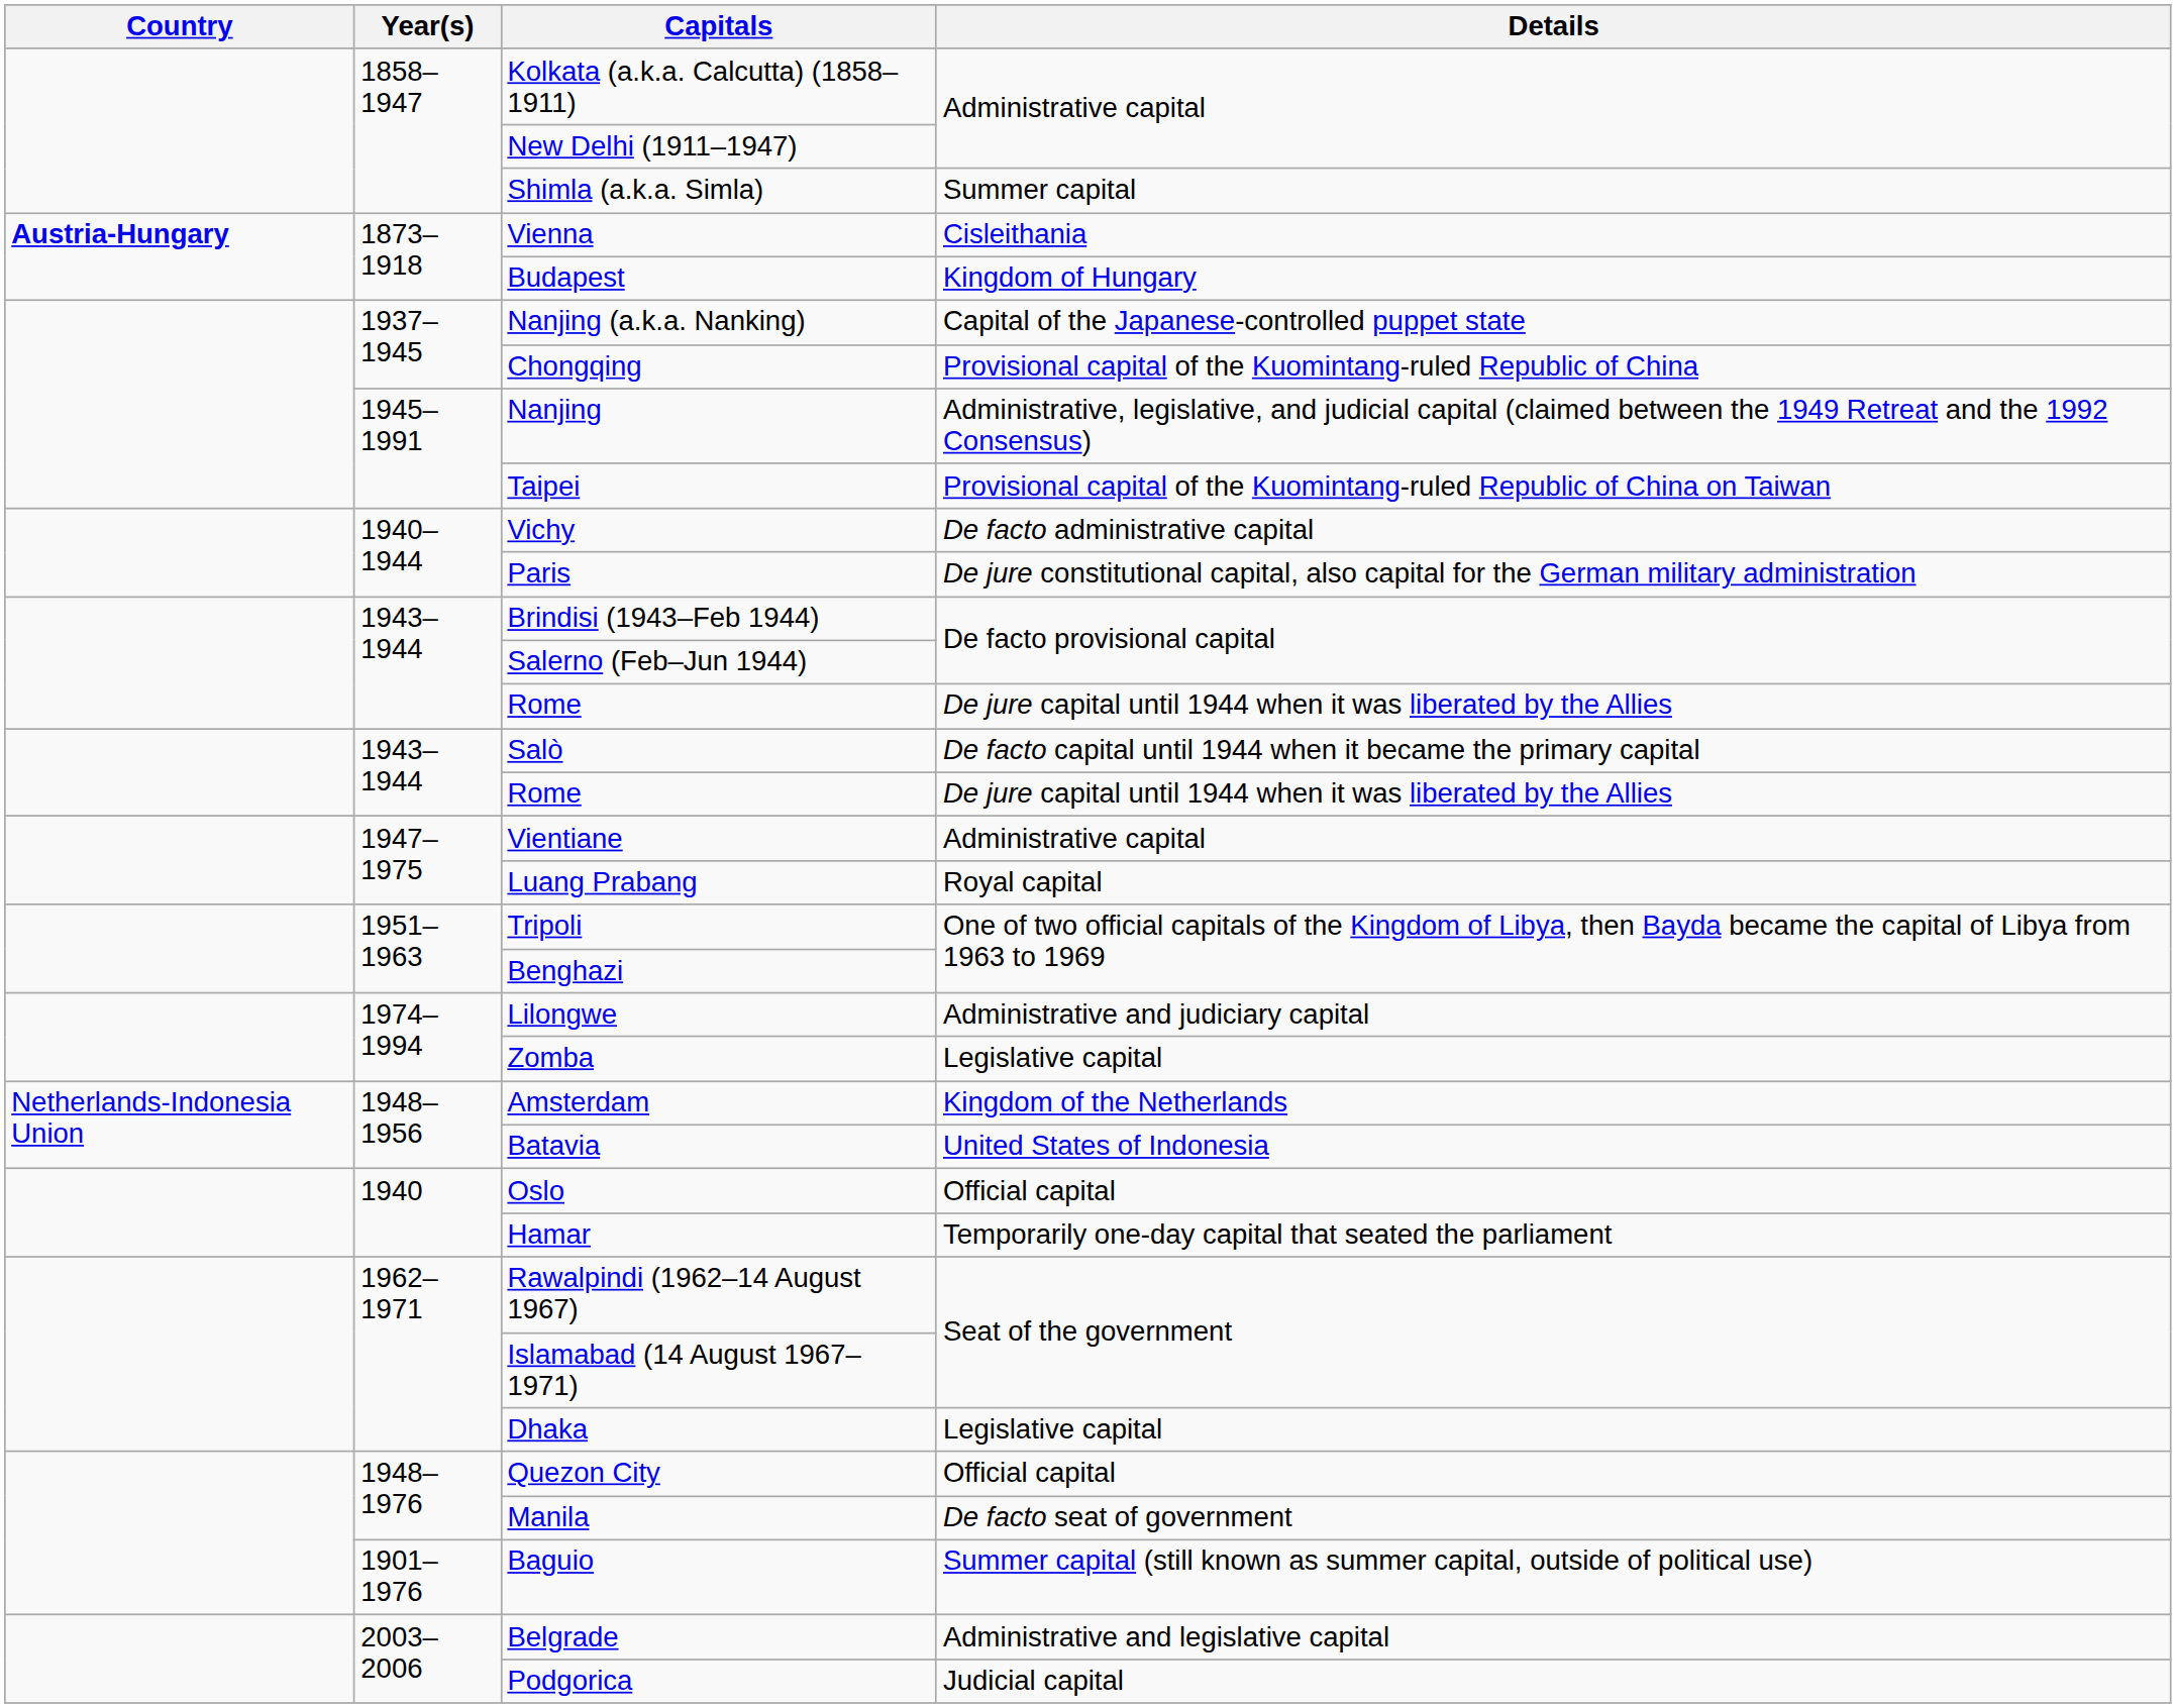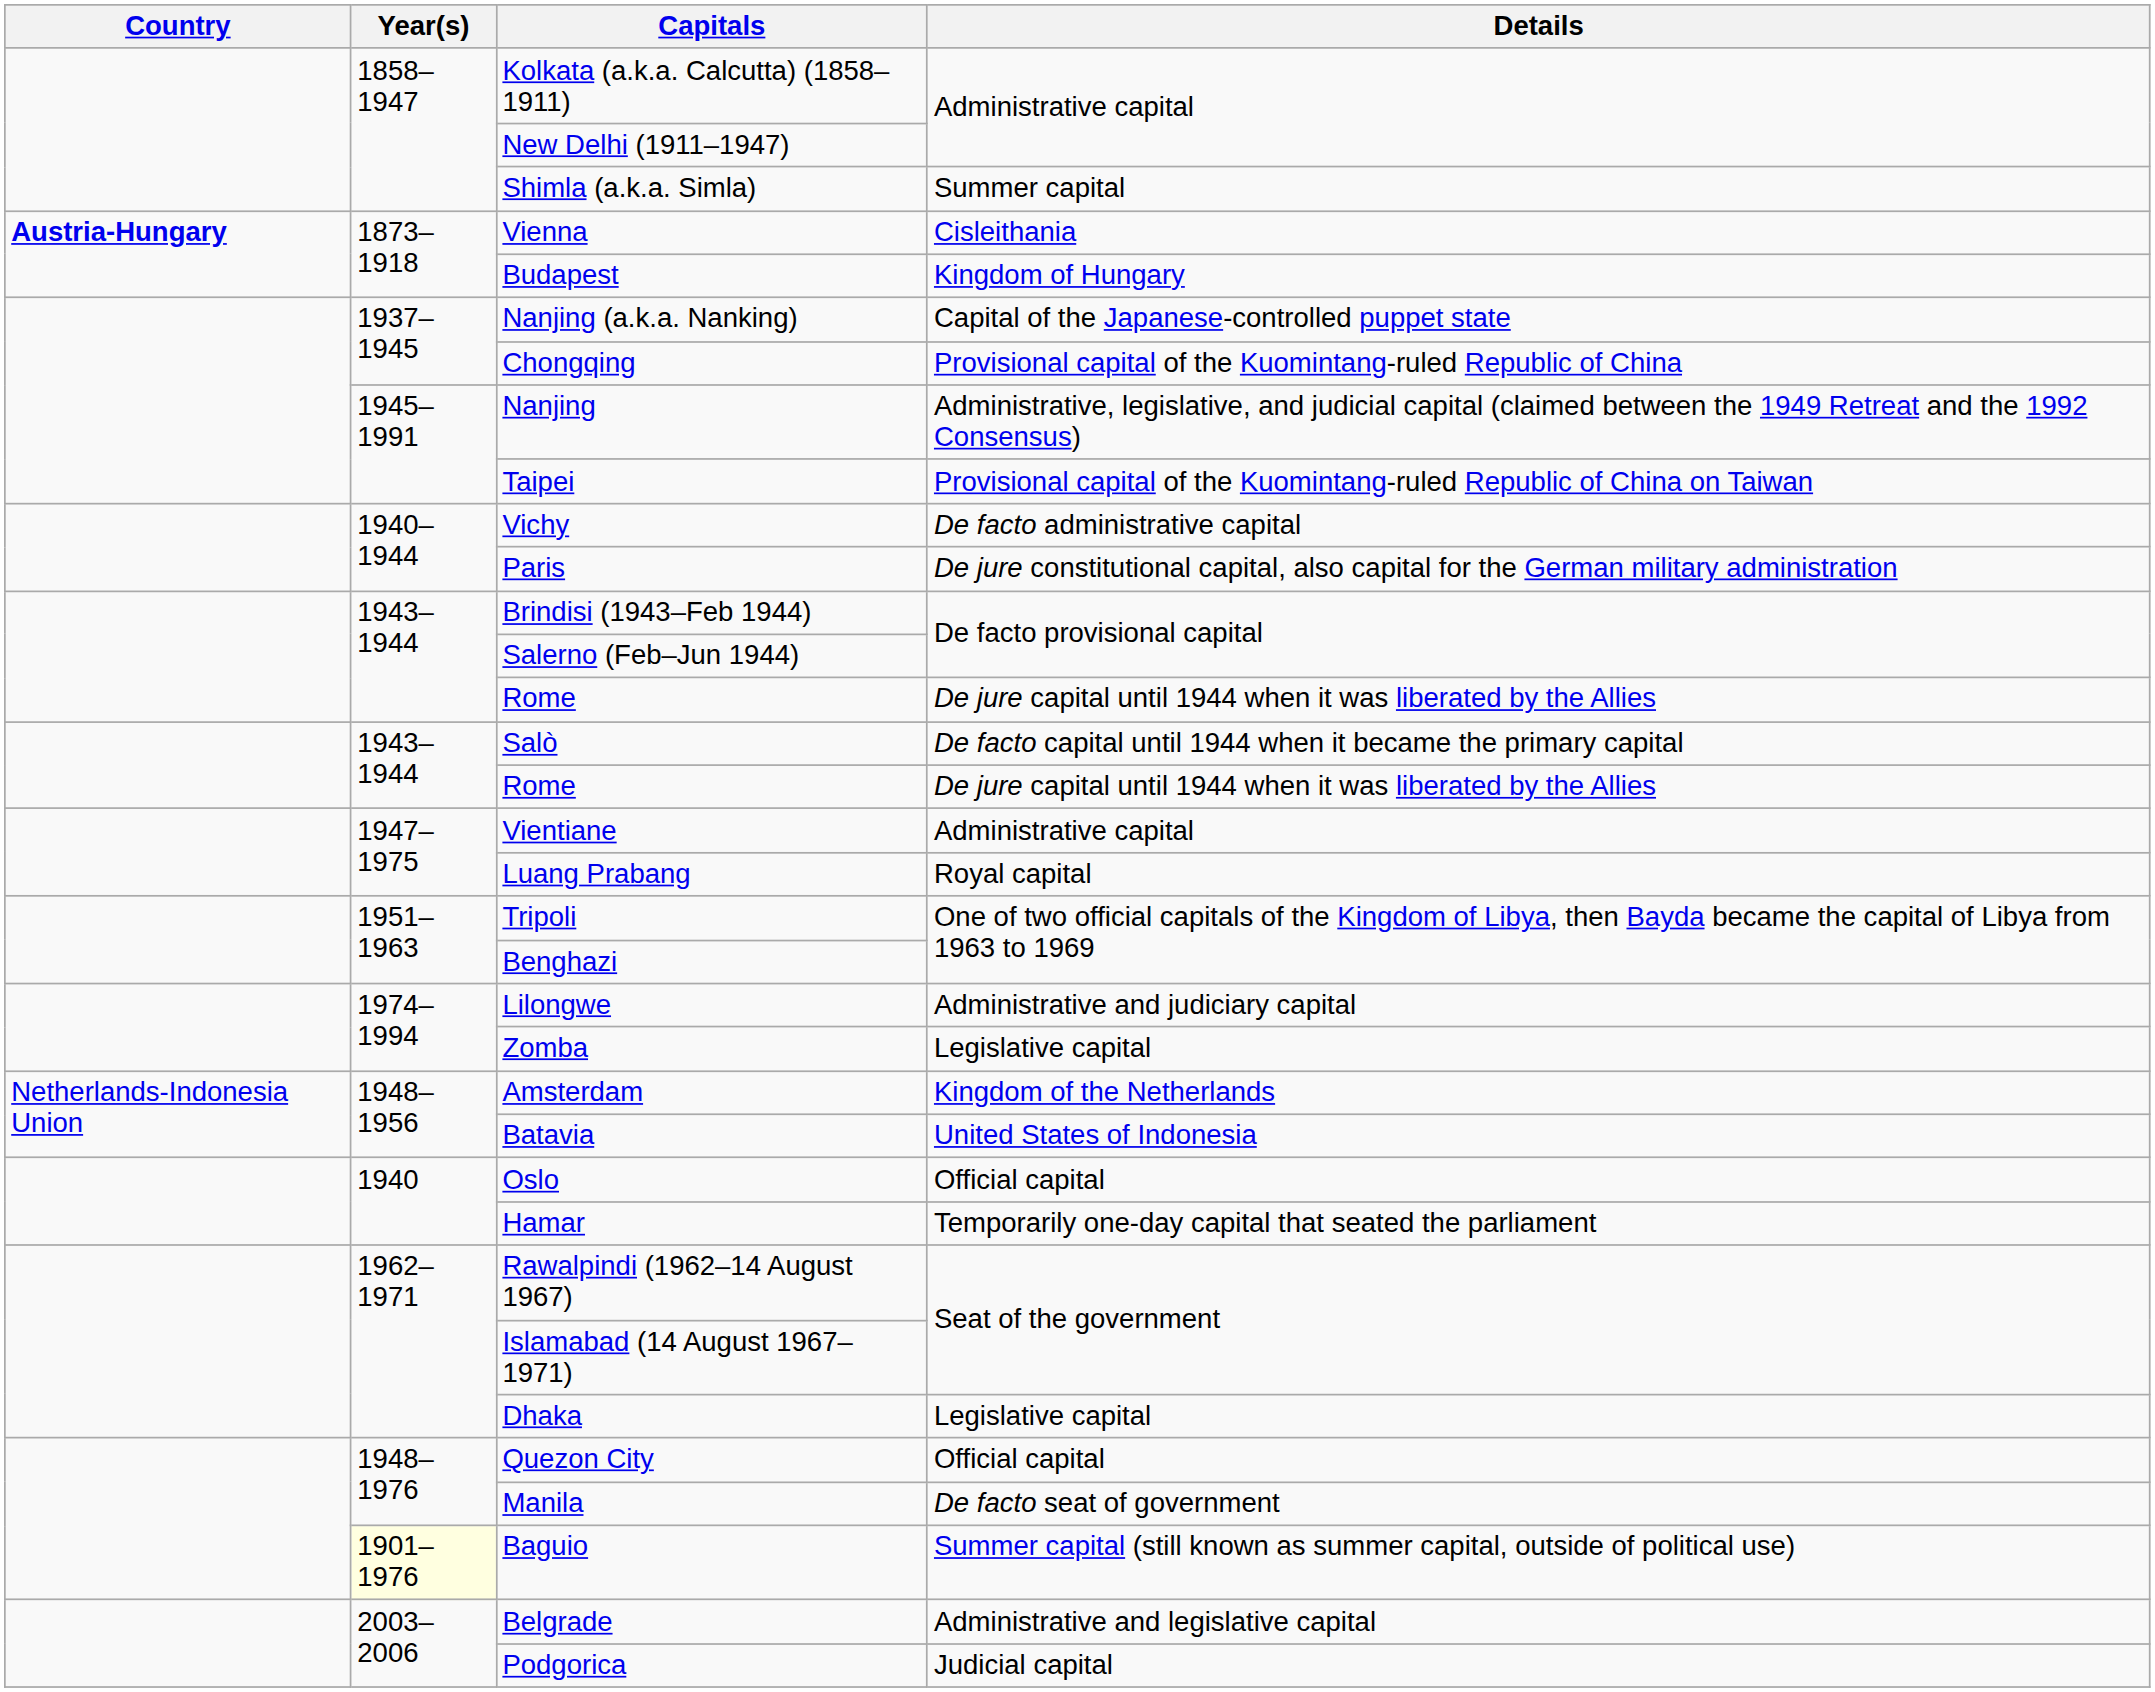 <table class="wikitable">
 <tr style="vertical-align:top;">
 <th><a href='#'>Country</a></th>
 <th>Year(s)</th>
 <th><a href='#'>Capitals</a></th>
 <th>Details</th>
 </tr>
 <tr style="vertical-align:top;">
 <td rowspan="3"><strong></strong></td>
 <td rowspan="3">1858–1947</td>
 <td><a href='#'>Kolkata</a> (a.k.a. Calcutta) (1858–1911)</td>
 <td rowspan="2" style="vertical-align:middle; text-align:left;">Administrative capital</td>
 </tr>
 <tr>
 <td><a href='#'>New Delhi</a> (1911–1947)</td>
 </tr>
 <tr style="vertical-align:top;">
 <td><a href='#'>Shimla</a> (a.k.a. Simla)</td>
 <td>Summer capital</td>
 </tr>
 <tr style="vertical-align:top;">
 <td rowspan="2"><strong> <a href='#'>Austria-Hungary</a></strong></td>
 <td rowspan="2">1873–1918</td>
 <td><a href='#'>Vienna</a></td>
 <td><a href='#'>Cisleithania</a></td>
 </tr>
 <tr>
 <td><a href='#'>Budapest</a></td>
 <td><a href='#'>Kingdom of Hungary</a></td>
 </tr>
 <tr style="vertical-align:top;">
 <td rowspan="4"><strong></strong></td>
 <td rowspan="2">1937–1945</td>
 <td><a href='#'>Nanjing</a> (a.k.a. Nanking)</td>
 <td>Capital of the <a href='#'>Japanese</a>-controlled <a href='#'>puppet state</a></td>
 </tr>
 <tr style="vertical-align:top;">
 <td><a href='#'>Chongqing</a></td>
 <td><a href='#'>Provisional capital</a> of the <a href='#'>Kuomintang</a>-ruled <a href='#'>Republic of China</a></td>
 </tr>
 <tr style="vertical-align:top;">
 <td rowspan="2">1945–1991</td>
 <td><a href='#'>Nanjing</a></td>
 <td>Administrative, legislative, and judicial capital (claimed between the <a href='#'>1949 Retreat</a> and the <a href='#'>1992 Consensus</a>)</td>
 </tr>
 <tr style="vertical-align:top;">
 <td><a href='#'>Taipei</a></td>
 <td><a href='#'>Provisional capital</a> of the <a href='#'>Kuomintang</a>-ruled <a href='#'>Republic of China on Taiwan</a></td>
 </tr>
 <tr style="vertical-align:top;">
 <td rowspan="2"><strong></strong></td>
 <td rowspan="2">1940–1944</td>
 <td><a href='#'>Vichy</a></td>
 <td><em>De facto</em> administrative capital</td>
 </tr>
 <tr style="vertical-align:top;">
 <td><a href='#'>Paris</a></td>
 <td><em>De jure</em> constitutional capital, also capital for the <a href='#'>German military administration</a></td>
 </tr>
 <tr style="vertical-align:top;">
 <td rowspan="3"><strong></strong></td>
 <td rowspan="3">1943–1944</td>
 <td><a href='#'>Brindisi</a> (1943–Feb 1944)</td>
 <td rowspan="2" style="vertical-align:middle; text-align:left;">De facto provisional capital</td>
 </tr>
 <tr>
 <td><a href='#'>Salerno</a> (Feb–Jun 1944)</td>
 </tr>
 <tr style="vertical-align:top;">
 <td><a href='#'>Rome</a></td>
 <td><em>De jure</em>  capital until 1944 when it was <a href='#'>liberated by the Allies</a></td>
 </tr>
 <tr style="vertical-align:top;">
 <td rowspan="2"><strong></strong></td>
 <td rowspan="2">1943–1944</td>
 <td><a href='#'>Salò</a></td>
 <td><em>De facto</em> capital until 1944 when it became the primary capital</td>
 </tr>
 <tr style="vertical-align:top;">
 <td><a href='#'>Rome</a></td>
 <td><em>De jure</em> capital until 1944 when it was <a href='#'>liberated by the Allies</a></td>
 </tr>
 <tr style="vertical-align:top;">
 <td rowspan="2"><strong></strong></td>
 <td rowspan="2">1947–1975</td>
 <td><a href='#'>Vientiane</a></td>
 <td>Administrative capital</td>
 </tr>
 <tr style="vertical-align:top;">
 <td><a href='#'>Luang Prabang</a></td>
 <td>Royal capital</td>
 </tr>
 <tr style="vertical-align:top;">
 <td rowspan="2"><strong></strong></td>
 <td rowspan="2">1951–1963</td>
 <td><a href='#'>Tripoli</a></td>
 <td rowspan="2">One of two official capitals of the <a href='#'>Kingdom of Libya</a>, then <a href='#'>Bayda</a> became the capital of Libya from 1963 to 1969</td>
 </tr>
 <tr style="vertical-align:top;">
 <td><a href='#'>Benghazi</a></td>
 </tr>
 <tr style="vertical-align:top;">
 <td rowspan="2"><strong></strong></td>
 <td rowspan="2">1974–1994</td>
 <td><a href='#'>Lilongwe</a></td>
 <td>Administrative and judiciary capital</td>
 </tr>
 <tr style="vertical-align:top;">
 <td><a href='#'>Zomba</a></td>
 <td>Legislative capital</td>
 </tr>
 <tr style="vertical-align:top;">
 <td rowspan="2"><strong></strong> <a href='#'>Netherlands-Indonesia Union</a></td>
 <td rowspan="2">1948–1956</td>
 <td><a href='#'>Amsterdam</a></td>
 <td><a href='#'>Kingdom of the Netherlands</a></td>
 </tr>
 <tr>
 <td><a href='#'>Batavia</a></td>
 <td><a href='#'>United States of Indonesia</a></td>
 </tr>
 <tr style="vertical-align:top;">
 <td rowspan="2"><strong></strong></td>
 <td rowspan="2">1940</td>
 <td><a href='#'>Oslo</a></td>
 <td>Official capital</td>
 </tr>
 <tr style="vertical-align:top;">
 <td><a href='#'>Hamar</a></td>
 <td>Temporarily one-day capital that seated the parliament</td>
 </tr>
 <tr style="vertical-align:top;">
 <td rowspan="3"><strong></strong></td>
 <td rowspan="3">1962–1971</td>
 <td><a href='#'>Rawalpindi</a> (1962–14 August 1967)</td>
 <td rowspan="2" style="vertical-align:middle; text-align:left;">Seat of the government</td>
 </tr>
 <tr>
 <td><a href='#'>Islamabad</a> (14 August 1967–1971)</td>
 </tr>
 <tr style="vertical-align:top;">
 <td><a href='#'>Dhaka</a></td>
 <td>Legislative capital</td>
 </tr>
 <tr style="vertical-align:top;">
 <td rowspan="3"><strong></strong></td>
 <td rowspan="2">1948–1976</td>
 <td><a href='#'>Quezon City</a></td>
 <td>Official capital</td>
 </tr>
 <tr style="vertical-align:top;">
 <td><a href='#'>Manila</a></td>
 <td><em>De facto</em> seat of government</td>
 </tr>
 <tr style="vertical-align:top;">
-<td rowspan="1">1901–1976</td>
+<td rowspan="1" style="background: lightyellow;">1901–1976</td>
 <td><a href='#'>Baguio</a></td>
 <td><a href='#'>Summer capital</a> (still known as summer capital, outside of political use)</td>
 </tr>
 <tr style="vertical-align:top;">
 <td rowspan="2"><strong></strong></td>
 <td rowspan="2">2003–2006</td>
 <td><a href='#'>Belgrade</a></td>
 <td>Administrative and legislative capital</td>
 </tr>
 <tr style="vertical-align:top;">
 <td><a href='#'>Podgorica</a></td>
 <td>Judicial capital</td>
 </tr>
 </table>
